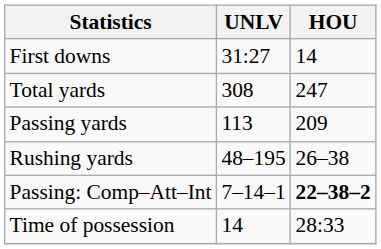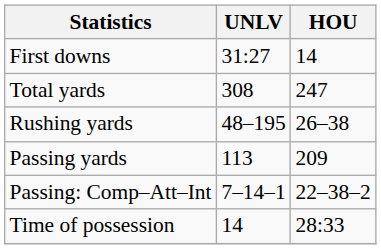 <table class="wikitable" style="float: left;">
 <tr>
 <th>Statistics</th>
 <th>UNLV</th>
 <th>HOU</th>
 </tr>
 <tr>
 <td>First downs</td>
 <td>31:27</td>
 <td>14</td>
 </tr>
 <tr>
 <td>Total yards</td>
 <td>308</td>
 <td>247</td>
 </tr>
 <tr>
+<td>Rushing yards</td>
+<td>48–195</td>
+<td>26–38</td>
+</tr>
+<tr>
 <td>Passing yards</td>
 <td>113</td>
 <td>209</td>
 </tr>
 <tr>
-<td>Rushing yards</td>
-<td>48–195</td>
-<td>26–38</td>
-</tr>
-<tr>
 <td>Passing: Comp–Att–Int</td>
 <td>7–14–1</td>
-<td><strong>22–38–2</strong></td>
+<td>22–38–2</td>
 </tr>
 <tr>
 <td>Time of possession</td>
 <td>14</td>
 <td>28:33</td>
 </tr>
 <tr>
 </tr>
 </table>
